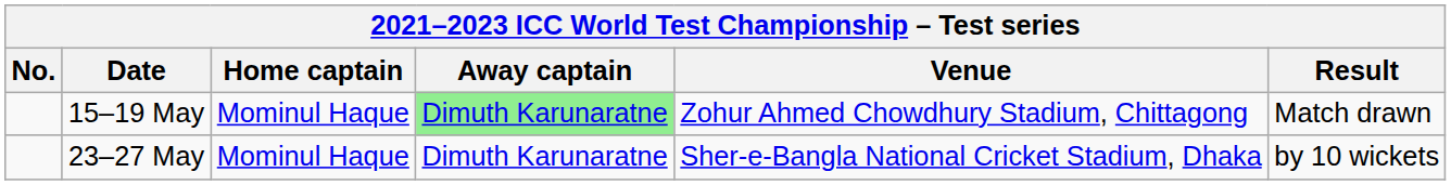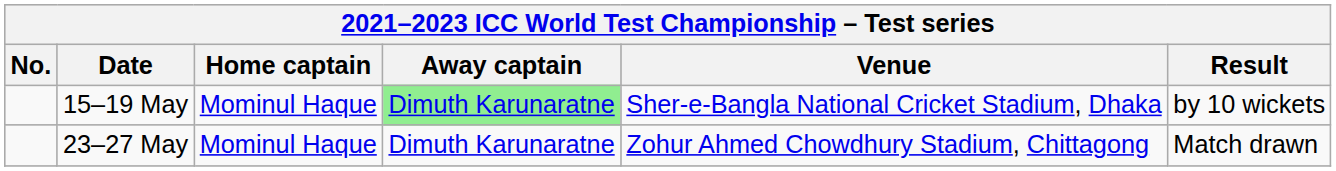 <table class="wikitable">
 <tr>
 <th colspan="9"><a href='#'>2021–2023 ICC World Test Championship</a> – Test series</th>
 </tr>
 <tr>
 <th>No.</th>
 <th>Date</th>
 <th>Home captain</th>
 <th>Away captain</th>
 <th>Venue</th>
 <th>Result</th>
 </tr>
 <tr>
 <td></td>
 <td>15–19 May</td>
 <td><a href='#'>Mominul Haque</a></td>
 <td style="background: lightgreen;"><a href='#'>Dimuth Karunaratne</a></td>
-<td><a href='#'>Zohur Ahmed Chowdhury Stadium</a>, <a href='#'>Chittagong</a></td>
-<td>Match drawn</td>
+<td><a href='#'>Sher-e-Bangla National Cricket Stadium</a>, <a href='#'>Dhaka</a></td>
+<td> by 10 wickets</td>
 </tr>
 <tr>
 <td></td>
 <td>23–27 May</td>
 <td><a href='#'>Mominul Haque</a></td>
 <td><a href='#'>Dimuth Karunaratne</a></td>
-<td><a href='#'>Sher-e-Bangla National Cricket Stadium</a>, <a href='#'>Dhaka</a></td>
-<td> by 10 wickets</td>
+<td><a href='#'>Zohur Ahmed Chowdhury Stadium</a>, <a href='#'>Chittagong</a></td>
+<td>Match drawn</td>
 </tr>
 </table>
